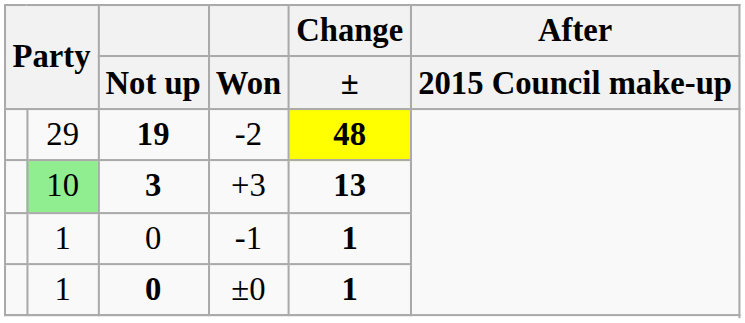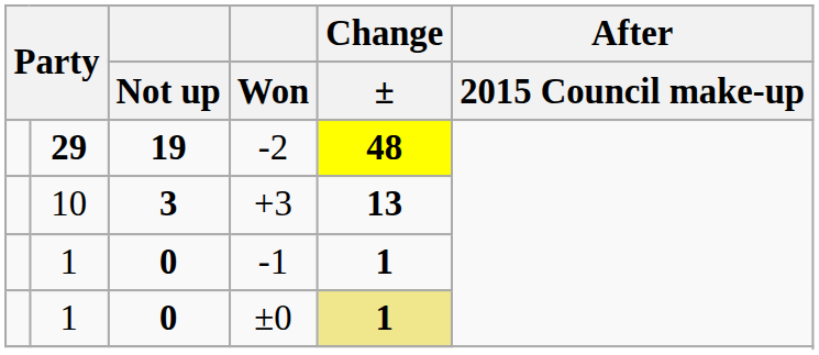 <table class="wikitable" style="text-align:center;">
 <tr>
 <th ! rowspan=2 colspan=2>Party</th>
 <th></th>
 <th></th>
 <th>Change</th>
 <th>After</th>
 </tr>
 <tr>
 <th>Not up</th>
 <th>Won</th>
 <th>±</th>
 <th>2015 Council make-up</th>
 </tr>
 <tr>
 <td></td>
-<td>29</td>
+<td><strong>29</strong></td>
 <td><strong>19</strong></td>
 <td>-2</td>
 <td bgcolor="yellow"><strong>48</strong></td>
 </tr>
 <tr>
 <td></td>
-<td style="background: lightgreen;">10</td>
+<td>10</td>
 <td><strong>3</strong></td>
 <td>+3</td>
 <td><strong>13</strong></td>
 </tr>
 <tr>
 <td></td>
 <td>1</td>
-<td>0</td>
+<td><strong>0</strong></td>
 <td>-1</td>
 <td><strong>1</strong></td>
 </tr>
 <tr>
 <td></td>
 <td>1</td>
 <td><strong>0</strong></td>
 <td>±0</td>
-<td><strong>1</strong></td>
+<td style="background: khaki;"><strong>1</strong></td>
 </tr>
 <tr>
 </tr>
 </table>
